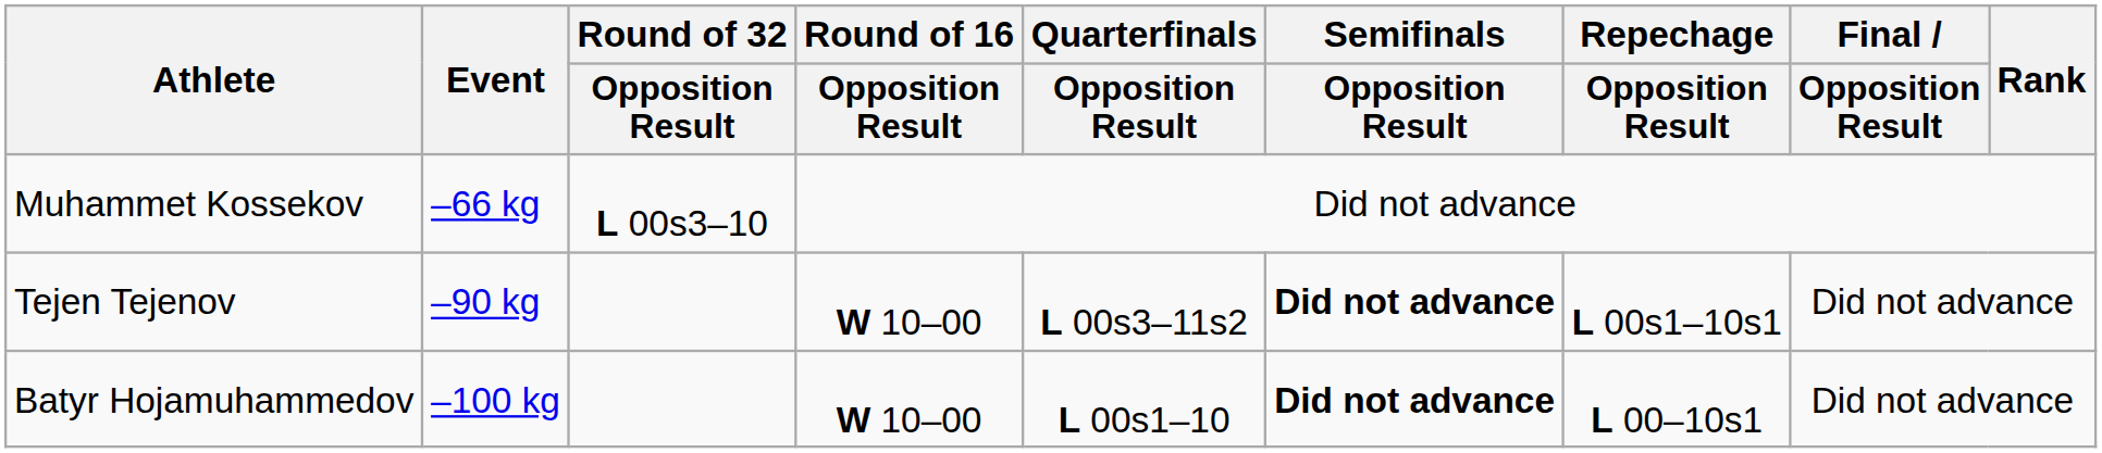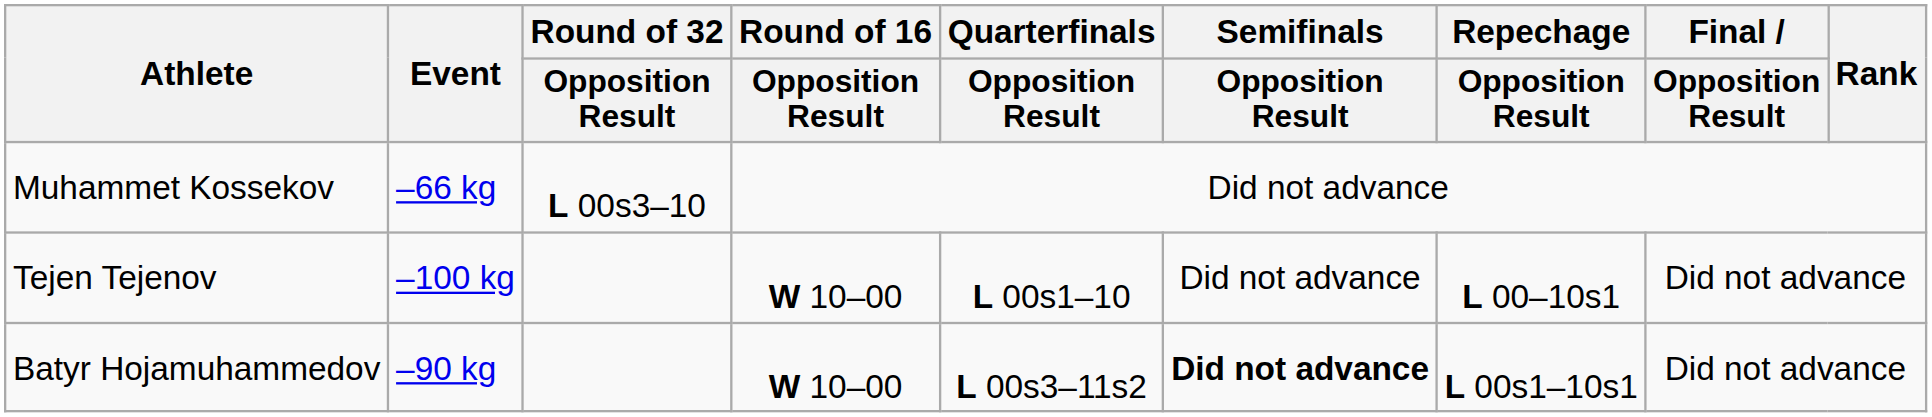 <table class=wikitable style=font-size:90%;text-align:center>
 <tr>
 <th rowspan="2">Athlete</th>
 <th rowspan="2">Event</th>
 <th>Round of 32</th>
 <th>Round of 16</th>
 <th>Quarterfinals</th>
 <th>Semifinals</th>
 <th>Repechage</th>
 <th>Final / </th>
 <th rowspan=2>Rank</th>
 </tr>
 <tr style="font-size:95%">
 <th>Opposition<br>Result</th>
 <th>Opposition<br>Result</th>
 <th>Opposition<br>Result</th>
 <th>Opposition<br>Result</th>
 <th>Opposition<br>Result</th>
 <th>Opposition<br>Result</th>
 </tr>
 <tr>
 <td align=left>Muhammet Kossekov</td>
 <td align=left><a href='#'>–66 kg</a></td>
 <td><br><strong>L</strong> 00s3–10</td>
 <td colspan=6>Did not advance</td>
 </tr>
 <tr>
 <td align=left>Tejen Tejenov</td>
+<td align=left><a href='#'>–100 kg</a></td>
+<td></td>
+<td><br><strong>W</strong> 10–00</td>
+<td><br><strong>L</strong> 00s1–10</td>
+<td>Did not advance</td>
+<td><br><strong>L</strong> 00–10s1</td>
+<td colspan=2>Did not advance</td>
+</tr>
+<tr>
+<td align=left>Batyr Hojamuhammedov</td>
 <td align=left><a href='#'>–90 kg</a></td>
 <td></td>
 <td><br><strong>W</strong> 10–00</td>
 <td><br><strong>L</strong> 00s3–11s2</td>
 <td><strong>Did not advance</strong></td>
 <td><br><strong>L</strong> 00s1–10s1</td>
 <td colspan=2>Did not advance</td>
 </tr>
-<tr>
-<td align=left>Batyr Hojamuhammedov</td>
-<td align=left><a href='#'>–100 kg</a></td>
-<td></td>
-<td><br><strong>W</strong> 10–00</td>
-<td><br><strong>L</strong> 00s1–10</td>
-<td><strong>Did not advance</strong></td>
-<td><br><strong>L</strong> 00–10s1</td>
-<td colspan=2>Did not advance</td>
-</tr>
 </table>
